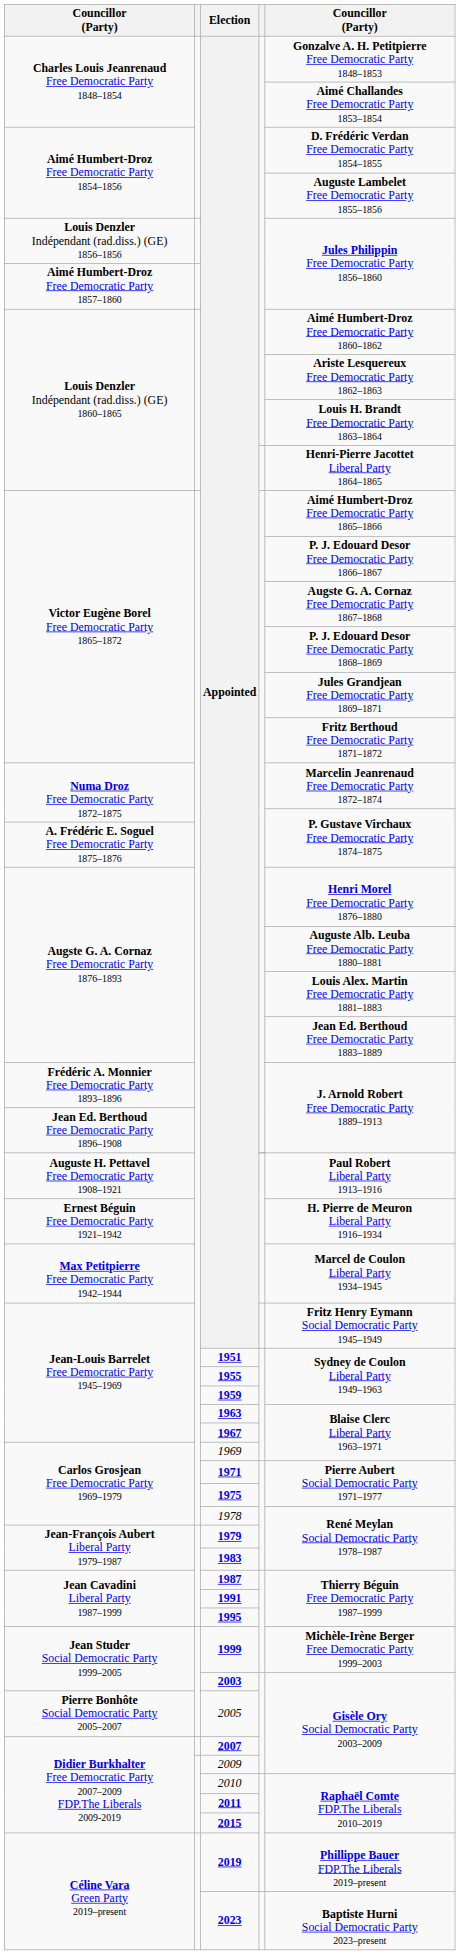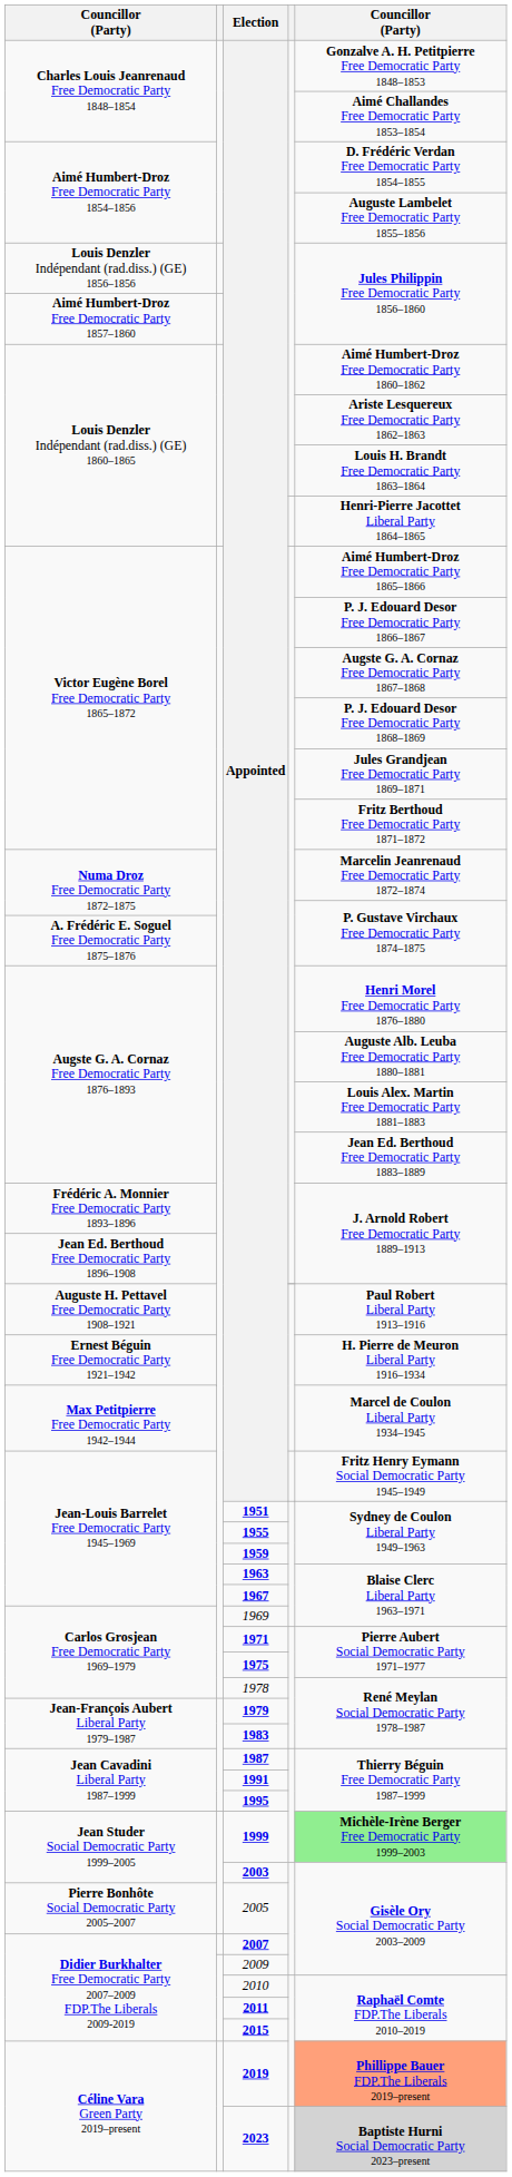 <table class="wikitable" style="text-align:center">
 <tr>
 <th scope="col" width="250" colspan = "1">Councillor<br> (Party)</th>
 <th></th>
 <th>Election</th>
 <th></th>
 <th scope="col" width="250" colspan = "1">Councillor<br> (Party)</th>
 </tr>
 <tr>
 <td rowspan=2><strong>Charles Louis Jeanrenaud</strong><br><a href='#'>Free Democratic Party</a><br><small>1848–1854</small></td>
 <td rowspan=4; style="background-color: "></td>
 <th rowspan=34>Appointed</th>
 <td rowspan=9; style="background-color: "></td>
 <td rowspan=1><strong>Gonzalve A. H. Petitpierre</strong><br><a href='#'>Free Democratic Party</a><br><small>1848–1853</small></td>
 </tr>
 <tr>
 <td rowspan=1><strong>Aimé Challandes</strong><br><a href='#'>Free Democratic Party</a><br><small>1853–1854</small></td>
 </tr>
 <tr>
 <td rowspan=2><strong>Aimé Humbert-Droz</strong><br><a href='#'>Free Democratic Party</a><br><small>1854–1856</small></td>
 <td rowspan=1><strong>D. Frédéric Verdan</strong><br><a href='#'>Free Democratic Party</a><br><small>1854–1855</small></td>
 </tr>
 <tr>
 <td rowspan=1><strong>Auguste Lambelet</strong><br><a href='#'>Free Democratic Party</a><br><small>1855–1856</small></td>
 </tr>
 <tr>
 <td rowspan=1><strong>Louis Denzler</strong><br>Indépendant (rad.diss.) (GE)<br><small>1856–1856</small></td>
 <td rowspan=1; style="background-color: "></td>
 <td rowspan=2><strong><a href='#'>Jules Philippin</a></strong><br><a href='#'>Free Democratic Party</a><br><small>1856–1860</small></td>
 </tr>
 <tr>
 <td rowspan=1><strong>Aimé Humbert-Droz</strong><br><a href='#'>Free Democratic Party</a><br><small>1857–1860</small></td>
 <td rowspan=1; style="background-color: "></td>
 </tr>
 <tr>
 <td rowspan=4><strong>Louis Denzler</strong><br>Indépendant (rad.diss.) (GE)<br><small>1860–1865</small></td>
 <td rowspan=4; style="background-color: "></td>
 <td rowspan=1><strong>Aimé Humbert-Droz</strong><br><a href='#'>Free Democratic Party</a><br><small>1860–1862</small></td>
 </tr>
 <tr>
 <td rowspan=1><strong>Ariste Lesquereux</strong><br><a href='#'>Free Democratic Party</a><br><small>1862–1863</small></td>
 </tr>
 <tr>
 <td rowspan=1><strong>Louis H. Brandt</strong><br><a href='#'>Free Democratic Party</a><br><small>1863–1864</small></td>
 </tr>
 <tr>
 <td rowspan=1; style="background-color: "></td>
 <td rowspan=1><strong>Henri-Pierre Jacottet</strong><br><a href='#'>Liberal Party</a><br><small>1864–1865</small></td>
 </tr>
 <tr>
 <td rowspan=6><strong>Victor Eugène Borel</strong><br><a href='#'>Free Democratic Party</a><br><small>1865–1872</small></td>
 <td rowspan=33; style="background-color: "></td>
 <td rowspan=16; style="background-color: "></td>
 <td rowspan=1><strong>Aimé Humbert-Droz</strong><br><a href='#'>Free Democratic Party</a><br><small>1865–1866</small></td>
 </tr>
 <tr>
 <td rowspan=1><strong>P. J. Edouard Desor</strong><br><a href='#'>Free Democratic Party</a><br><small>1866–1867</small></td>
 </tr>
 <tr>
 <td rowspan=1><strong>Augste G. A. Cornaz</strong><br><a href='#'>Free Democratic Party</a><br><small>1867–1868</small></td>
 </tr>
 <tr>
 <td rowspan=1><strong>P. J. Edouard Desor</strong><br><a href='#'>Free Democratic Party</a><br><small>1868–1869</small></td>
 </tr>
 <tr>
 <td rowspan=1><strong>Jules Grandjean</strong><br><a href='#'>Free Democratic Party</a><br><small>1869–1871</small></td>
 </tr>
 <tr>
 <td rowspan=1><strong>Fritz Berthoud</strong><br><a href='#'>Free Democratic Party</a><br><small>1871–1872</small></td>
 </tr>
 <tr>
 <td rowspan=2><br><strong><a href='#'>Numa Droz</a></strong><br><a href='#'>Free Democratic Party</a><br><small>1872–1875</small></td>
 <td rowspan=1><strong>Marcelin Jeanrenaud</strong><br><a href='#'>Free Democratic Party</a><br><small>1872–1874</small></td>
 </tr>
 <tr>
 <td rowspan=2><strong>P. Gustave Virchaux</strong><br><a href='#'>Free Democratic Party</a><br><small>1874–1875</small></td>
 </tr>
 <tr>
 <td rowspan=1><strong>A. Frédéric E. Soguel</strong><br><a href='#'>Free Democratic Party</a><br><small>1875–1876</small></td>
 </tr>
 <tr>
 <td rowspan=5><strong>Augste G. A. Cornaz</strong><br><a href='#'>Free Democratic Party</a><br><small>1876–1893</small></td>
 <td rowspan=1><br><strong><a href='#'>Henri Morel</a></strong><br><a href='#'>Free Democratic Party</a><br><small>1876–1880</small></td>
 </tr>
 <tr>
 <td rowspan=1><strong>Auguste Alb. Leuba</strong><br><a href='#'>Free Democratic Party</a><br><small>1880–1881</small></td>
 </tr>
 <tr>
 <td rowspan=1><strong>Louis Alex. Martin</strong><br><a href='#'>Free Democratic Party</a><br><small>1881–1883</small></td>
 </tr>
 <tr>
 <td rowspan=1><strong>Jean Ed. Berthoud</strong><br><a href='#'>Free Democratic Party</a><br><small>1883–1889</small></td>
 </tr>
 <tr>
 <td rowspan=4><strong>J. Arnold Robert</strong><br><a href='#'>Free Democratic Party</a><br><small>1889–1913</small></td>
 </tr>
 <tr>
 <td rowspan=1><strong>Frédéric A. Monnier</strong><br><a href='#'>Free Democratic Party</a><br><small>1893–1896</small></td>
 </tr>
 <tr>
 <td rowspan=1><strong>Jean Ed. Berthoud</strong><br><a href='#'>Free Democratic Party</a><br><small>1896–1908</small></td>
 </tr>
 <tr>
 <td rowspan=3><strong>Auguste H. Pettavel</strong><br><a href='#'>Free Democratic Party</a><br><small>1908–1921</small></td>
 </tr>
 <tr>
 <td rowspan=5; style="background-color: "></td>
 <td rowspan=1><strong>Paul Robert</strong><br><a href='#'>Liberal Party</a><br><small>1913–1916</small></td>
 </tr>
 <tr>
 <td rowspan=2><strong>H. Pierre de Meuron</strong><br><a href='#'>Liberal Party</a><br><small>1916–1934</small></td>
 </tr>
 <tr>
 <td rowspan=2><strong>Ernest Béguin</strong><br><a href='#'>Free Democratic Party</a><br><small>1921–1942</small></td>
 </tr>
 <tr>
 <td rowspan=2><strong>Marcel de Coulon</strong><br><a href='#'>Liberal Party</a><br><small>1934–1945</small></td>
 </tr>
 <tr>
 <td rowspan=1><br><strong><a href='#'>Max Petitpierre</a></strong><br><a href='#'>Free Democratic Party</a><br><small>1942–1944</small></td>
 </tr>
 <tr>
 <td rowspan=7><strong>Jean-Louis Barrelet</strong><br><a href='#'>Free Democratic Party</a><br><small>1945–1969</small></td>
 <td rowspan=1; style="background-color: "></td>
 <td rowspan=1><strong>Fritz Henry Eymann</strong><br><a href='#'>Social Democratic Party</a><br><small>1945–1949</small></td>
 </tr>
 <tr>
 <td rowspan=7; style="background-color: "></td>
 <td rowspan=4><strong>Sydney de Coulon</strong><br><a href='#'>Liberal Party</a><br><small>1949–1963</small></td>
 </tr>
 <tr>
 <td><strong><a href='#'>1951</a></strong></td>
 </tr>
 <tr>
 <td><strong><a href='#'>1955</a></strong></td>
 </tr>
 <tr>
 <td><strong><a href='#'>1959</a></strong></td>
 </tr>
 <tr>
 <td><strong><a href='#'>1963</a></strong></td>
 <td rowspan=3><strong>Blaise Clerc</strong><br><a href='#'>Liberal Party</a><br><small>1963–1971</small></td>
 </tr>
 <tr>
 <td><strong><a href='#'>1967</a></strong></td>
 </tr>
 <tr>
 <td rowspan=4><strong>Carlos Grosjean</strong><br><a href='#'>Free Democratic Party</a><br><small>1969–1979</small></td>
 <td><em>1969</em></td>
 </tr>
 <tr>
 <td><strong><a href='#'>1971</a></strong></td>
 <td rowspan=5; style="background-color: "></td>
 <td rowspan=2><strong>Pierre Aubert</strong><br><a href='#'>Social Democratic Party</a><br><small>1971–1977</small></td>
 </tr>
 <tr>
 <td><strong><a href='#'>1975</a></strong></td>
 </tr>
 <tr>
 <td><em>1978</em></td>
 <td rowspan=3><strong>René Meylan</strong><br><a href='#'>Social Democratic Party</a><br><small>1978–1987</small></td>
 </tr>
 <tr>
 <td rowspan=2><strong>Jean-François Aubert</strong><br><a href='#'>Liberal Party</a><br><small>1979–1987</small></td>
 <td rowspan=5; style="background-color: "></td>
 <td><strong><a href='#'>1979</a></strong></td>
 </tr>
 <tr>
 <td><strong><a href='#'>1983</a></strong></td>
 </tr>
 <tr>
 <td rowspan=3><strong>Jean Cavadini</strong><br><a href='#'>Liberal Party</a><br><small>1987–1999</small></td>
 <td><strong><a href='#'>1987</a></strong></td>
 <td rowspan=4; style="background-color: "></td>
 <td rowspan=3><strong>Thierry Béguin</strong><br><a href='#'>Free Democratic Party</a><br><small>1987–1999</small></td>
 </tr>
 <tr>
 <td><strong><a href='#'>1991</a></strong></td>
 </tr>
 <tr>
 <td><strong><a href='#'>1995</a></strong></td>
 </tr>
 <tr>
 <td rowspan=2><strong>Jean Studer</strong><br><a href='#'>Social Democratic Party</a><br><small>1999–2005</small></td>
 <td rowspan=3; style="background-color: "></td>
 <td><strong><a href='#'>1999</a></strong></td>
-<td rowspan=1><strong>Michèle-Irène Berger</strong><br><a href='#'>Free Democratic Party</a><br><small>1999–2003</small></td>
+<td rowspan=1 style="background: lightgreen;"><strong>Michèle-Irène Berger</strong><br><a href='#'>Free Democratic Party</a><br><small>1999–2003</small></td>
 </tr>
 <tr>
 <td><strong><a href='#'>2003</a></strong></td>
 <td rowspan=4; style="background-color: "></td>
 <td rowspan=4><br><strong><a href='#'>Gisèle Ory</a></strong><br><a href='#'>Social Democratic Party</a><br><small>2003–2009</small></td>
 </tr>
 <tr>
 <td rowspan=1><strong>Pierre Bonhôte</strong><br><a href='#'>Social Democratic Party</a><br><small>2005–2007</small></td>
 <td><em>2005</em></td>
 </tr>
 <tr>
 <td rowspan=5><br><strong><a href='#'>Didier Burkhalter</a></strong><br><a href='#'>Free Democratic Party</a><br><small>2007–2009</small><br><a href='#'>FDP.The Liberals</a><br><small>2009-2019</small></td>
 <td rowspan=1; style="background-color: "></td>
 <td><strong><a href='#'>2007</a></strong></td>
 </tr>
 <tr>
 <td rowspan=4; style="background-color: "></td>
 <td><em>2009</em></td>
 </tr>
 <tr>
 <td><em>2010</em></td>
 <td rowspan=4; style="background-color: "></td>
 <td rowspan=3><br><strong><a href='#'>Raphaël Comte</a></strong><br><a href='#'>FDP.The Liberals</a><br><small>2010–2019</small></td>
 </tr>
 <tr>
 <td><strong><a href='#'>2011</a></strong></td>
 </tr>
 <tr>
 <td><strong><a href='#'>2015</a></strong></td>
 </tr>
 <tr>
 <td rowspan=2><br><strong><a href='#'>Céline Vara</a></strong><br><a href='#'>Green Party</a><br><small>2019–present</small></td>
 <td rowspan=2; style="background-color: "></td>
 <td><strong><a href='#'>2019</a></strong></td>
-<td rowspan=1><br><strong><a href='#'>Phillippe Bauer</a></strong><br><a href='#'>FDP.The Liberals</a><br><small>2019–present</small></td>
+<td rowspan=1 style="background: lightsalmon;"><br><strong><a href='#'>Phillippe Bauer</a></strong><br><a href='#'>FDP.The Liberals</a><br><small>2019–present</small></td>
 </tr>
 <tr>
 <td><strong><a href='#'>2023</a></strong></td>
 <td rowspan=1; style="background-color: "></td>
-<td rowspan=1><br><strong>Baptiste Hurni</strong><br><a href='#'>Social Democratic Party</a><br><small>2023–present</small></td>
+<td rowspan=1 style="background: lightgrey;"><br><strong>Baptiste Hurni</strong><br><a href='#'>Social Democratic Party</a><br><small>2023–present</small></td>
 </tr>
 </table>
